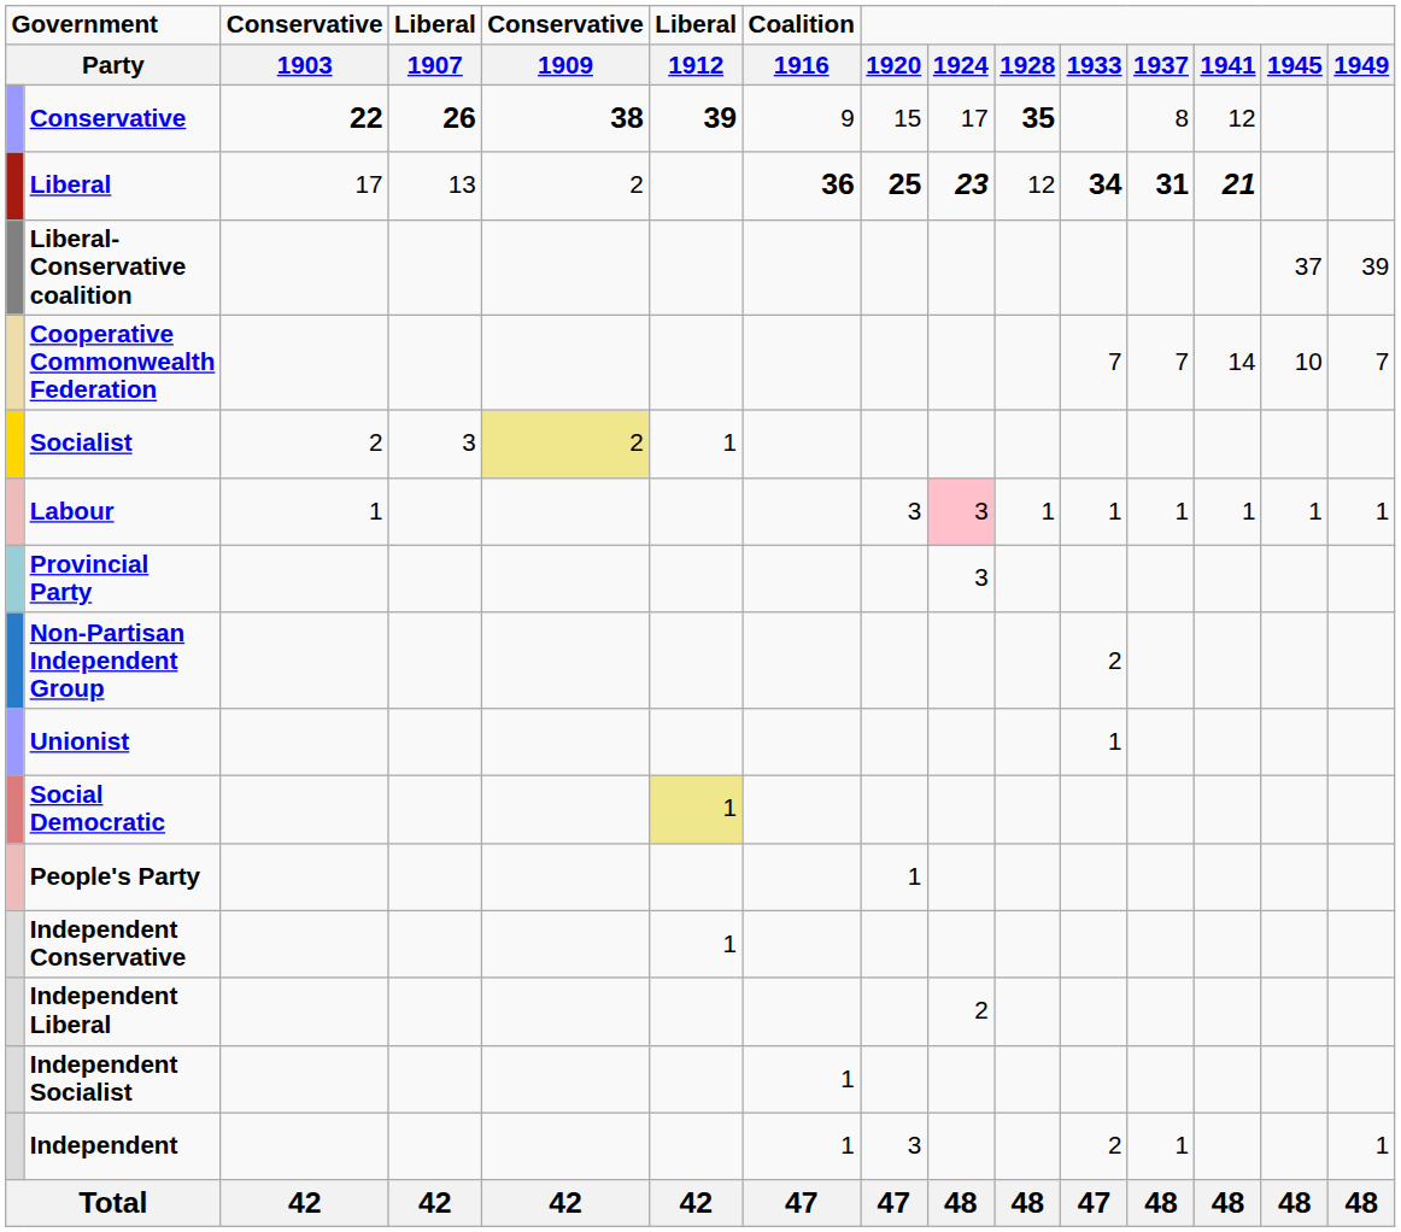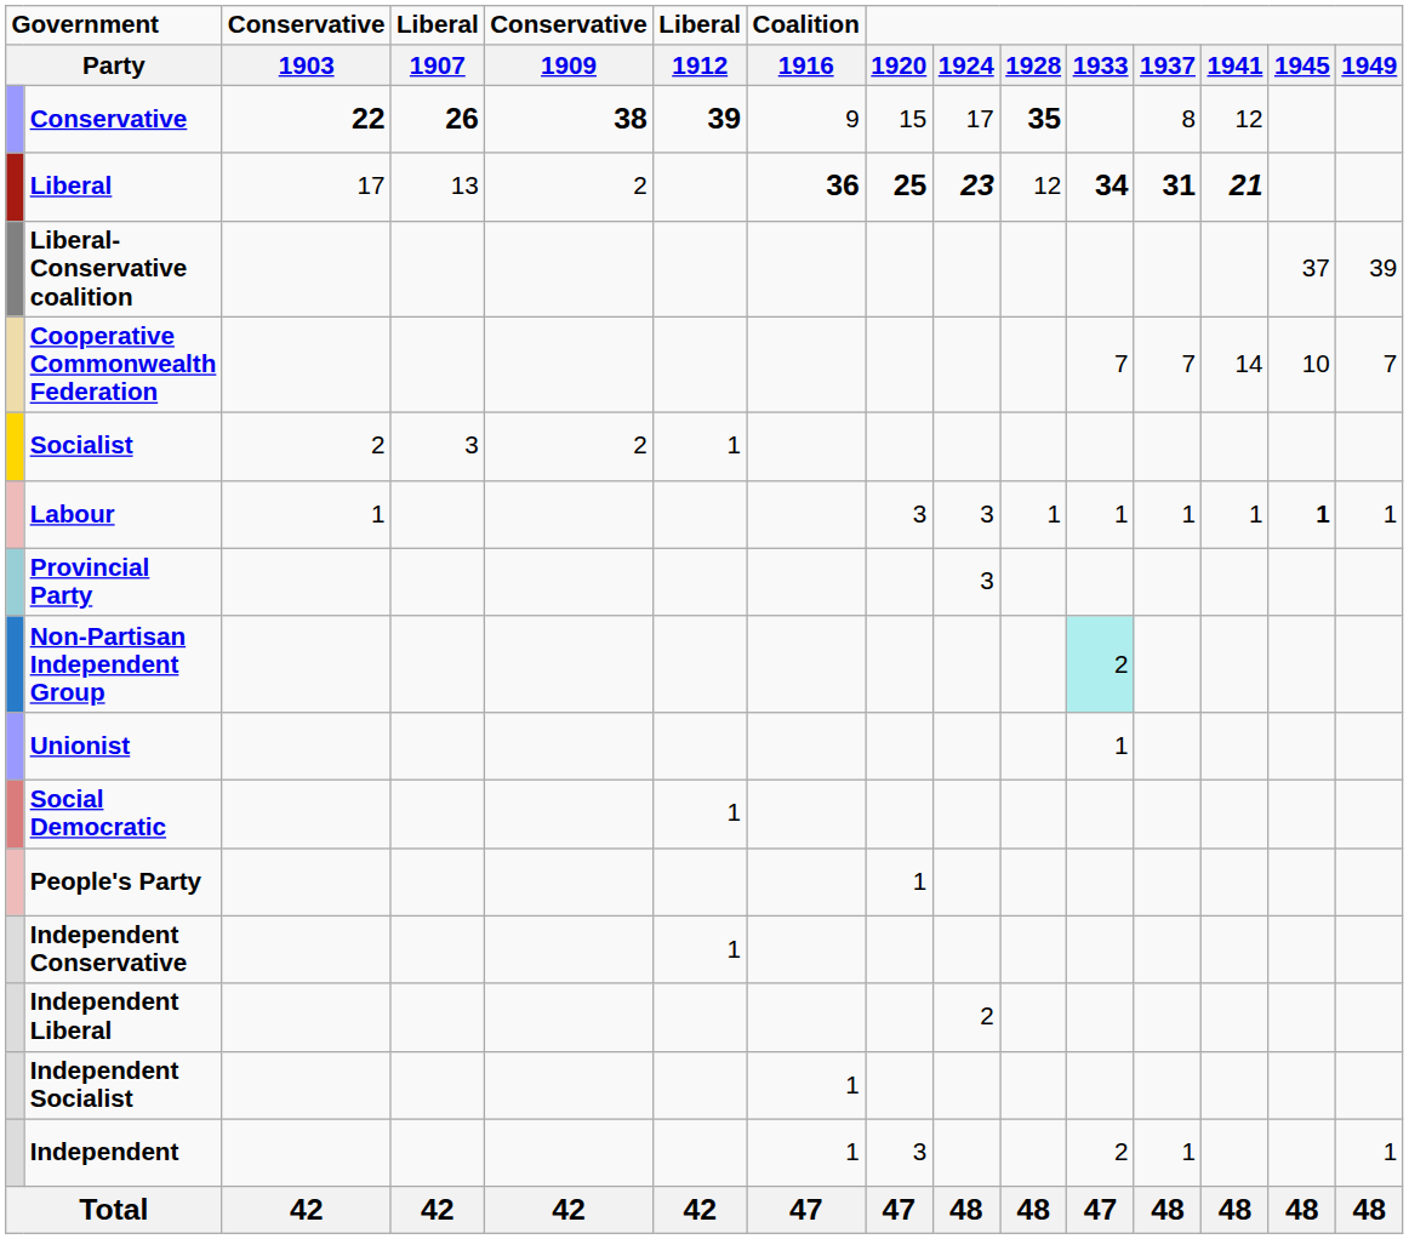 <table class="wikitable sortable">
 <tr>
 <td colspan = "2"><strong>Government</strong></td>
 <td><strong>Conservative</strong></td>
 <td><strong>Liberal</strong></td>
 <td><strong>Conservative</strong></td>
 <td><strong>Liberal</strong></td>
 <td><strong>Coalition</strong></td>
 </tr>
 <tr>
 <th colspan = "2">Party</th>
 <th><a href='#'>1903</a></th>
 <th><a href='#'>1907</a></th>
 <th><a href='#'>1909</a></th>
 <th><a href='#'>1912</a></th>
 <th><a href='#'>1916</a></th>
 <th><a href='#'>1920</a></th>
 <th><a href='#'>1924</a></th>
 <th><a href='#'>1928</a></th>
 <th><a href='#'>1933</a></th>
 <th><a href='#'>1937</a></th>
 <th><a href='#'>1941</a></th>
 <th><a href='#'>1945</a></th>
 <th><a href='#'>1949</a></th>
 </tr>
 <tr align = "right">
 <td bgcolor="#9999FF">   </td>
 <td align="left"><strong><a href='#'>Conservative</a></strong></td>
 <td><strong><big>22</big></strong></td>
 <td><strong><big>26</big></strong></td>
 <td><strong><big>38</big></strong></td>
 <td><strong><big>39</big></strong></td>
 <td>9</td>
 <td>15</td>
 <td>17</td>
 <td><strong><big>35</big></strong></td>
 <td></td>
 <td>8</td>
 <td>12</td>
 <td></td>
 <td></td>
 </tr>
 <tr align = "right">
 <td bgcolor="#A51B12">   </td>
 <td align="left"><strong><a href='#'>Liberal</a></strong></td>
 <td>17</td>
 <td>13</td>
 <td>2</td>
 <td></td>
 <td><strong><big>36</big></strong></td>
 <td><strong><big>25</big></strong></td>
 <td><strong><em><big>23</big></em></strong></td>
 <td>12</td>
 <td><strong><big>34</big></strong></td>
 <td><strong><big>31</big></strong></td>
 <td><strong><em><big>21</big></em></strong></td>
 <td></td>
 <td></td>
 </tr>
 <tr align = "right">
 <td bgcolor="#808080">   </td>
 <td align="left"><strong>Liberal-Conservative coalition</strong></td>
 <td></td>
 <td></td>
 <td></td>
 <td></td>
 <td></td>
 <td></td>
 <td></td>
 <td></td>
 <td></td>
 <td></td>
 <td></td>
 <td>37</td>
 <td>39</td>
 </tr>
 <tr align = "right">
 <td bgcolor="#EEDDAA">   </td>
 <td align="left"><strong><a href='#'>Cooperative Commonwealth Federation</a></strong></td>
 <td></td>
 <td></td>
 <td></td>
 <td></td>
 <td></td>
 <td></td>
 <td></td>
 <td></td>
 <td>7</td>
 <td>7</td>
 <td>14</td>
 <td>10</td>
 <td>7</td>
 </tr>
 <tr align = "right">
 <td bgcolor="#FFD700">   </td>
 <td align="left"><strong><a href='#'>Socialist</a></strong></td>
 <td>2</td>
 <td>3</td>
-<td style="background: khaki;">2</td>
+<td>2</td>
 <td>1</td>
 <td></td>
 <td></td>
 <td></td>
 <td></td>
 <td></td>
 <td></td>
 <td></td>
 <td></td>
 <td></td>
 </tr>
 <tr align = "right">
 <td bgcolor="#EEBBBB">   </td>
 <td align="left"><strong><a href='#'>Labour</a></strong></td>
 <td>1</td>
 <td></td>
 <td></td>
 <td></td>
 <td></td>
 <td>3</td>
-<td style="background: pink;">3</td>
+<td>3</td>
 <td>1</td>
 <td>1</td>
 <td>1</td>
 <td>1</td>
-<td>1</td>
+<td><strong>1</strong></td>
 <td>1</td>
 </tr>
 <tr align = "right">
 <td bgcolor="#98CED6">   </td>
 <td align="left"><strong><a href='#'>Provincial Party</a></strong></td>
 <td></td>
 <td></td>
 <td></td>
 <td></td>
 <td></td>
 <td></td>
 <td>3</td>
 <td></td>
 <td></td>
 <td></td>
 <td></td>
 <td></td>
 <td></td>
 </tr>
 <tr align = "right">
 <td bgcolor="#287BC8">   </td>
 <td align="left"><strong><a href='#'>Non-Partisan Independent Group</a></strong></td>
 <td></td>
 <td></td>
 <td></td>
 <td></td>
 <td></td>
 <td></td>
 <td></td>
 <td></td>
-<td>2</td>
+<td style="background: paleturquoise;">2</td>
 <td></td>
 <td></td>
 <td></td>
 <td></td>
 </tr>
 <tr align = "right">
 <td bgcolor="#9999FF">   </td>
 <td align="left"><strong><a href='#'>Unionist</a></strong></td>
 <td></td>
 <td></td>
 <td></td>
 <td></td>
 <td></td>
 <td></td>
 <td></td>
 <td></td>
 <td>1</td>
 <td></td>
 <td></td>
 <td></td>
 <td></td>
 </tr>
 <tr align = "right">
 <td bgcolor="#DA7C7C">   </td>
 <td align="left"><strong><a href='#'>Social Democratic</a></strong></td>
 <td></td>
 <td></td>
 <td></td>
-<td style="background: khaki;">1</td>
+<td>1</td>
 <td></td>
 <td></td>
 <td></td>
 <td></td>
 <td></td>
 <td></td>
 <td></td>
 <td></td>
 <td></td>
 </tr>
 <tr align = "right">
 <td bgcolor="#EEBBBB">   </td>
 <td align="left"><strong>People's Party</strong></td>
 <td></td>
 <td></td>
 <td></td>
 <td></td>
 <td></td>
 <td>1</td>
 <td></td>
 <td></td>
 <td></td>
 <td></td>
 <td></td>
 <td></td>
 <td></td>
 </tr>
 <tr align = "right">
 <td bgcolor="#DCDCDC">   </td>
 <td align="left"><strong>Independent Conservative</strong></td>
 <td></td>
 <td></td>
 <td></td>
 <td>1</td>
 <td></td>
 <td></td>
 <td></td>
 <td></td>
 <td></td>
 <td></td>
 <td></td>
 <td></td>
 <td></td>
 </tr>
 <tr align = "right">
 <td bgcolor="#DCDCDC">   </td>
 <td align="left"><strong>Independent Liberal</strong></td>
 <td></td>
 <td></td>
 <td></td>
 <td></td>
 <td></td>
 <td></td>
 <td>2</td>
 <td></td>
 <td></td>
 <td></td>
 <td></td>
 <td></td>
 <td></td>
 </tr>
 <tr align = "right">
 <td bgcolor="#DCDCDC">   </td>
 <td align="left"><strong>Independent Socialist</strong></td>
 <td></td>
 <td></td>
 <td></td>
 <td></td>
 <td>1</td>
 <td></td>
 <td></td>
 <td></td>
 <td></td>
 <td></td>
 <td></td>
 <td></td>
 <td></td>
 </tr>
 <tr align = "right">
 <td bgcolor="#DCDCDC">   </td>
 <td align="left"><strong>Independent</strong></td>
 <td></td>
 <td></td>
 <td></td>
 <td></td>
 <td>1</td>
 <td>3</td>
 <td></td>
 <td></td>
 <td>2</td>
 <td>1</td>
 <td></td>
 <td></td>
 <td>1</td>
 </tr>
 <tr align = "right">
 <th colspan="2" align="left"><strong><big>Total</big></strong></th>
 <th><strong><big>42</big></strong></th>
 <th><strong><big>42</big></strong></th>
 <th><strong><big>42</big></strong></th>
 <th><strong><big>42</big></strong></th>
 <th><strong><big>47</big></strong></th>
 <th><strong><big>47</big></strong></th>
 <th><strong><big>48</big></strong></th>
 <th><strong><big>48</big></strong></th>
 <th><strong><big>47</big></strong></th>
 <th><strong><big>48</big></strong></th>
 <th><strong><big>48</big></strong></th>
 <th><strong><big>48</big></strong></th>
 <th><strong><big>48</big></strong></th>
 </tr>
 </table>
